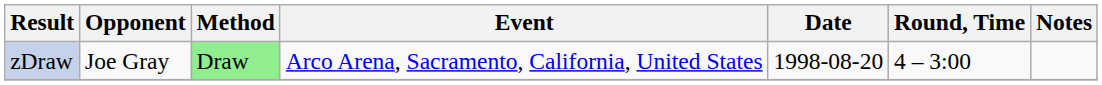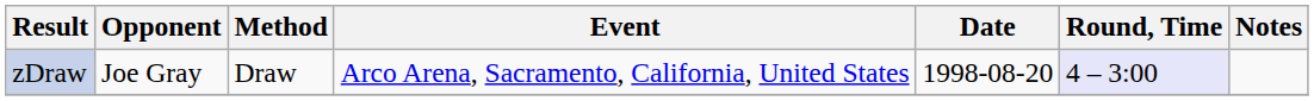 <table class="wikitable">
 <tr>
 <th>Result</th>
 <th>Opponent</th>
 <th>Method</th>
 <th>Event</th>
 <th>Date</th>
 <th>Round, Time</th>
 <th>Notes</th>
 </tr>
 <tr>
 <td style="background: #c5d2ea"><span>z</span>Draw</td>
 <td> Joe Gray</td>
-<td style="background: lightgreen;">Draw</td>
+<td>Draw</td>
 <td><a href='#'>Arco Arena</a>, <a href='#'>Sacramento</a>, <a href='#'>California</a>, <a href='#'>United States</a></td>
 <td>1998-08-20</td>
-<td>4 – 3:00</td>
+<td style="background: lavender;">4 – 3:00</td>
 <td></td>
 </tr>
 <tr>
 </tr>
 </table>
